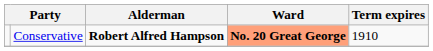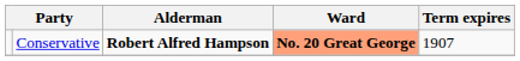 <table class="wikitable">
 <tr>
 <th colspan="2">Party</th>
 <th>Alderman</th>
 <th>Ward</th>
 <th>Term expires</th>
 </tr>
 <tr>
 <td style="background-color:"></td>
 <td><a href='#'>Conservative</a></td>
 <td><strong>Robert Alfred Hampson</strong></td>
 <td style="background: lightsalmon;"><strong>No. 20 Great George</strong></td>
-<td>1910</td>
+<td>1907</td>
 </tr>
 <tr>
 </tr>
 </table>
